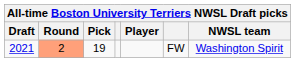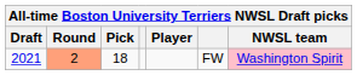 <table class="wikitable sortable" style="text-align: center;">
 <tr>
 <th colspan="7" style="background:#">All-time <a href='#'><span>Boston University Terriers</span></a> NWSL Draft picks</th>
 </tr>
 <tr>
 <th scope="col">Draft</th>
 <th scope="col">Round</th>
 <th scope="col">Pick</th>
 <th scope="col"></th>
 <th scope="col">Player</th>
 <th scope="col"></th>
 <th scope="col">NWSL team</th>
 </tr>
 <tr>
 <td><a href='#'>2021</a></td>
 <td style="background: lightsalmon;">2</td>
-<td>19</td>
+<td>18</td>
 <td></td>
 <td></td>
 <td>FW</td>
-<td><a href='#'>Washington Spirit</a></td>
+<td style="background: pink;"><a href='#'>Washington Spirit</a></td>
 </tr>
 </table>
